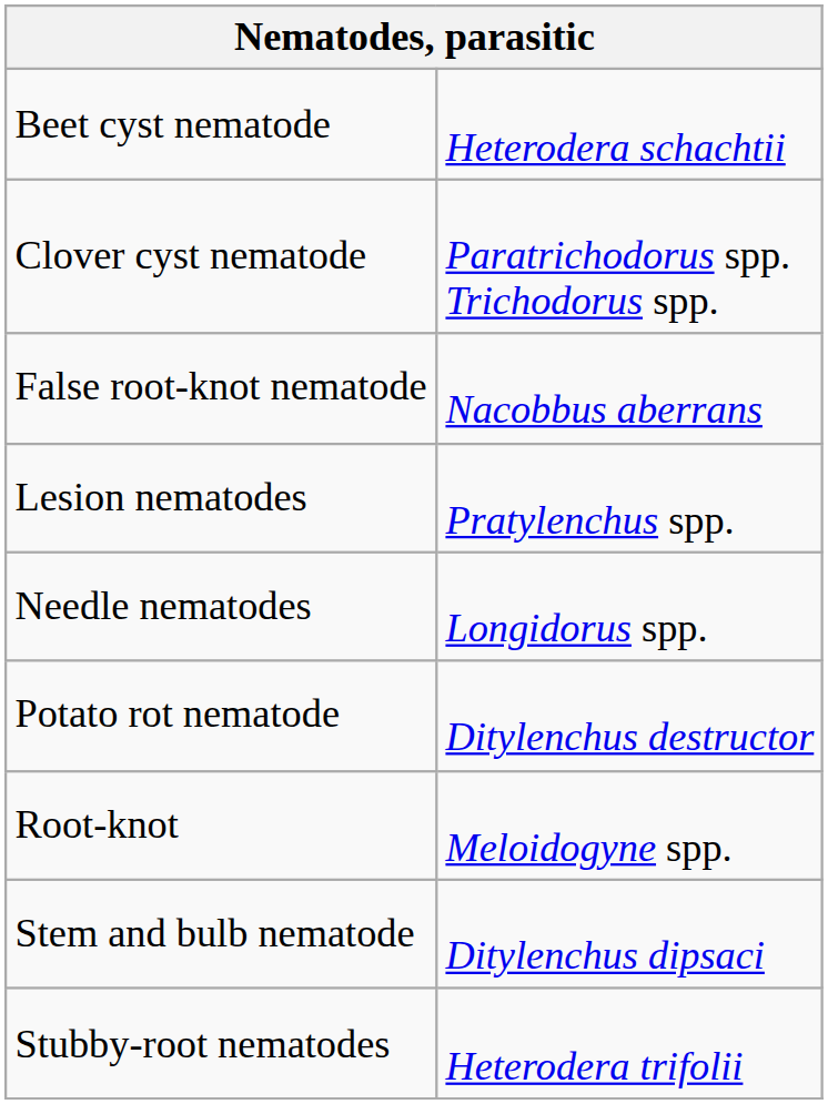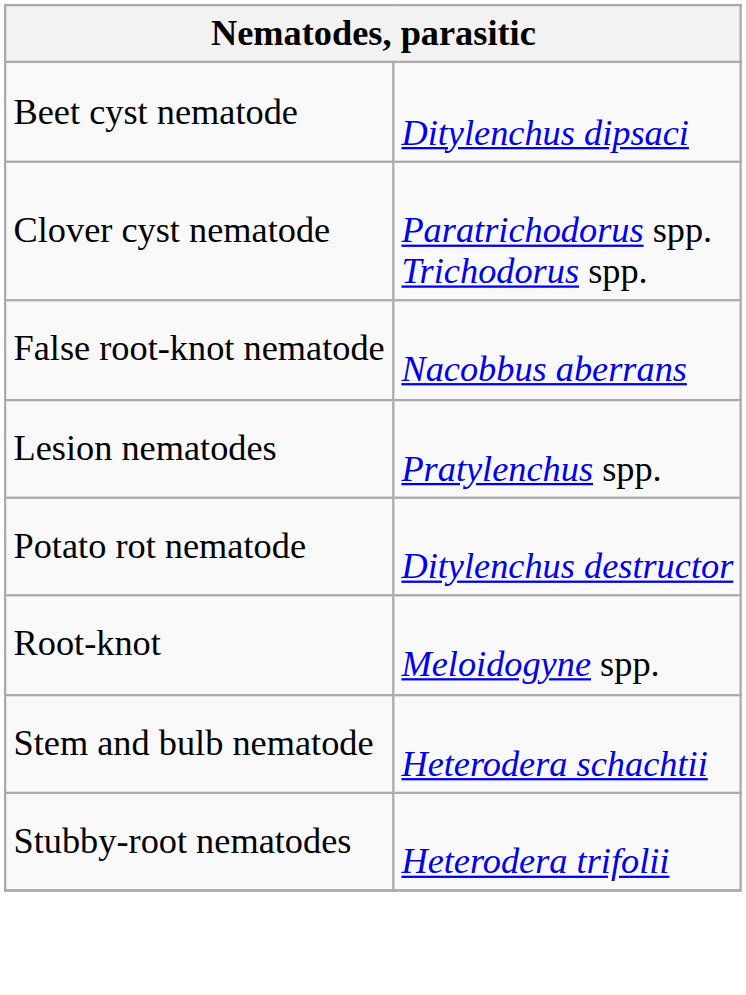 <table class="wikitable" style="clear">
 <tr>
 <th colspan=2><strong>Nematodes, parasitic</strong><br></th>
 </tr>
 <tr>
 <td>Beet cyst nematode</td>
-<td><br><em><a href='#'>Heterodera schachtii</a></em></td>
+<td><br><em><a href='#'>Ditylenchus dipsaci</a></em></td>
 </tr>
 <tr>
 <td>Clover cyst nematode</td>
 <td><br><em><a href='#'>Paratrichodorus</a></em> spp. <br> <em><a href='#'>Trichodorus</a></em> spp.</td>
 </tr>
 <tr>
 <td>False root-knot nematode</td>
 <td><br><em><a href='#'>Nacobbus aberrans</a></em></td>
 </tr>
 <tr>
 <td>Lesion nematodes</td>
 <td><br><em><a href='#'>Pratylenchus</a></em> spp.</td>
 </tr>
 <tr>
-<td>Needle nematodes</td>
-<td><br><em><a href='#'>Longidorus</a></em> spp.</td>
-</tr>
-<tr>
 <td>Potato rot nematode</td>
 <td><br><em><a href='#'>Ditylenchus destructor</a></em></td>
 </tr>
 <tr>
 <td>Root-knot</td>
 <td><br><em><a href='#'>Meloidogyne</a></em> spp.</td>
 </tr>
 <tr>
 <td>Stem and bulb nematode</td>
-<td><br><em><a href='#'>Ditylenchus dipsaci</a></em></td>
+<td><br><em><a href='#'>Heterodera schachtii</a></em></td>
 </tr>
 <tr>
 <td>Stubby-root nematodes</td>
 <td><br><em><a href='#'>Heterodera trifolii</a></em></td>
 </tr>
 <tr>
 </tr>
 </table>
